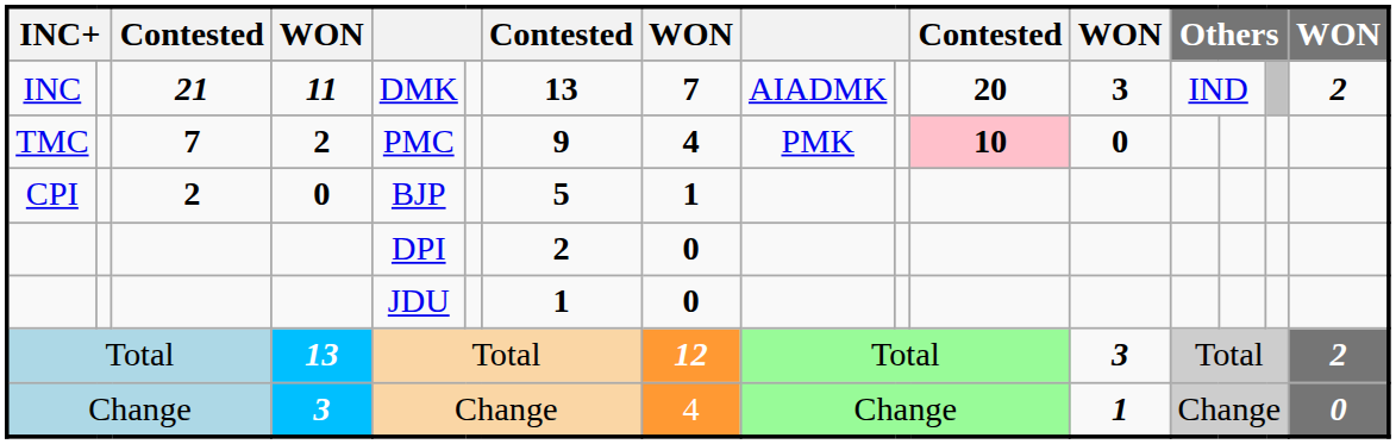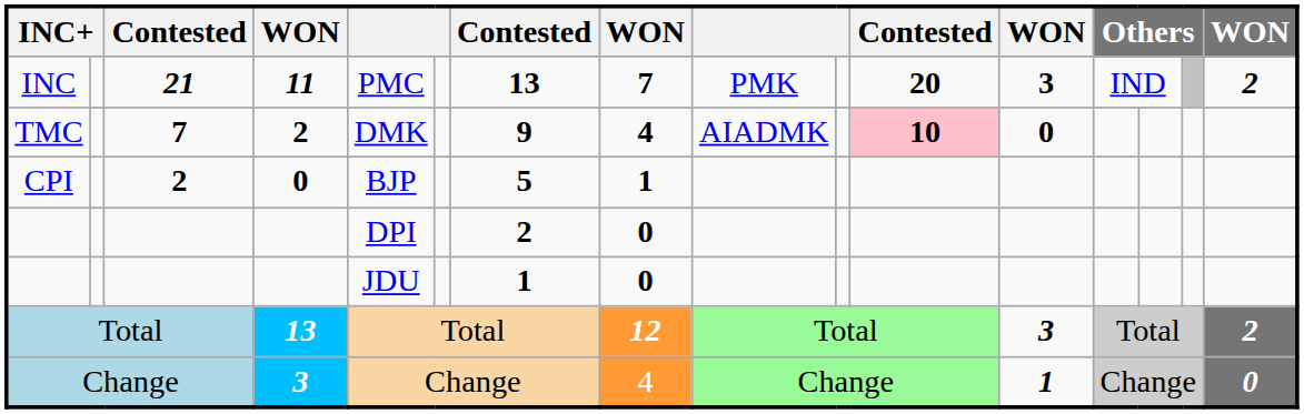 <table class="wikitable" width="35%" cellpadding="2" cellspacing="0" border="1" style="text-align:center; border: 2px #000000 solid; font-size: x-big">
 <tr>
 <th colspan="2" style="background:">INC+</th>
 <th style="background:">Contested</th>
 <th style="background:">WON</th>
 <th colspan="2" style="background:"><a href='#'></a></th>
 <th style="background:">Contested</th>
 <th style="background:">WON</th>
 <th colspan="2" style="background:"><a href='#'></a></th>
 <th style="background:">Contested</th>
 <th style="background:">WON</th>
 <th colspan="3" style="background:#757575; color:white;">Others</th>
 <th style="background:#757575; color:white;">WON</th>
 </tr>
 <tr>
 <td><a href='#'>INC</a></td>
 <td width="3px" style="background-color: "></td>
 <td><strong><em>21</em></strong></td>
 <td><strong><em>11</em></strong></td>
-<td><a href='#'>DMK</a></td>
+<td><a href='#'>PMC</a></td>
 <td width="3px" style="background-color: "></td>
 <td><strong>13</strong></td>
 <td><strong>7</strong></td>
-<td><a href='#'>AIADMK</a></td>
+<td><a href='#'>PMK</a></td>
 <td width="3px" style="background-color: "></td>
 <td><strong>20</strong></td>
 <td><strong>3</strong></td>
 <td colspan="2"><a href='#'>IND</a></td>
 <td width="3px" style="background-color: #C1C1C1"></td>
 <td><strong><em>2</em></strong></td>
 </tr>
 <tr>
 <td><a href='#'>TMC</a></td>
 <td width="3px" style="background-color: "></td>
 <td><strong>7</strong></td>
 <td><strong>2</strong></td>
-<td><a href='#'>PMC</a></td>
+<td><a href='#'>DMK</a></td>
 <td width="3px" style="background-color: "></td>
 <td><strong>9</strong></td>
 <td><strong>4</strong></td>
-<td><a href='#'>PMK</a></td>
+<td><a href='#'>AIADMK</a></td>
 <td width="3px" style="background-color: "></td>
 <td style="background: pink;"><strong>10</strong></td>
 <td><strong>0</strong></td>
 <td></td>
 <td></td>
 <td></td>
 <td></td>
 </tr>
 <tr>
 <td><a href='#'>CPI</a></td>
 <td width="3px" style="background-color: "></td>
 <td><strong>2</strong></td>
 <td><strong>0</strong></td>
 <td><a href='#'>BJP</a></td>
 <td width="3px" style="background-color: "></td>
 <td><strong>5</strong></td>
 <td><strong>1</strong></td>
 <td></td>
 <td></td>
 <td></td>
 <td></td>
 <td></td>
 <td></td>
 <td></td>
 <td></td>
 </tr>
 <tr>
 <td></td>
 <td></td>
 <td></td>
 <td></td>
 <td><a href='#'>DPI</a></td>
 <td width="3px" style="background-color: "></td>
 <td><strong>2</strong></td>
 <td><strong>0</strong></td>
 <td></td>
 <td></td>
 <td></td>
 <td></td>
 <td></td>
 <td></td>
 <td></td>
 <td></td>
 </tr>
 <tr>
 <td></td>
 <td></td>
 <td></td>
 <td></td>
 <td><a href='#'>JDU</a></td>
 <td width="3px" style="background-color: "></td>
 <td><strong>1</strong></td>
 <td><strong>0</strong></td>
 <td></td>
 <td></td>
 <td></td>
 <td></td>
 <td></td>
 <td></td>
 <td></td>
 <td></td>
 </tr>
 <tr>
 <td colspan="3" style="background:#ADD8E6">Total</td>
 <td style="background:#00BFFF; color:white;"><strong><em>13</em></strong></td>
 <td colspan="3" style="background:#FAD6A5;">Total</td>
 <td style="background:#FF9933 ; color:white;"><strong><em>12</em></strong></td>
 <td colspan="3" style="background:#98FB98">Total</td>
 <td style="background:"><strong><em>3</em></strong></td>
 <td colspan="3" style="background:#CDCDCD">Total</td>
 <td style="background:#757575; color:white;"><strong><em>2</em></strong></td>
 </tr>
 <tr 00>
 <td colspan="3" style="background:#ADD8E6">Change</td>
 <td style="background:#00BFFF; color:white;"><strong><em> 3</em></strong></td>
 <td colspan="3" style="background:#FAD6A5;">Change</td>
 <td style="background:#FF9933 ; color:white;"> 4</td>
 <td colspan="3" style="background:#98FB98">Change</td>
 <td style="background:"><strong><em> 1</em></strong></td>
 <td colspan="3" style="background:#CDCDCD">Change</td>
 <td style="background:#757575; color:white;"><strong><em>0</em></strong></td>
 </tr>
 </table>
